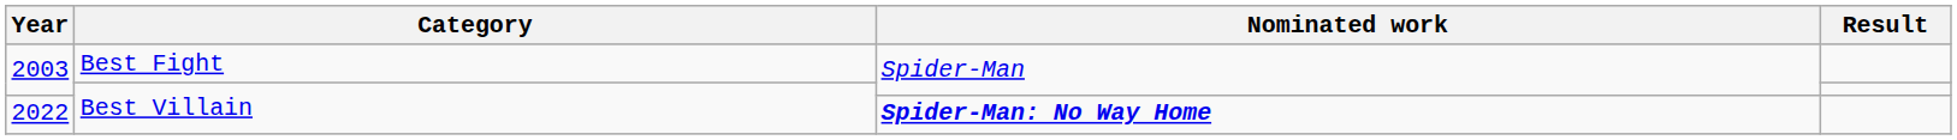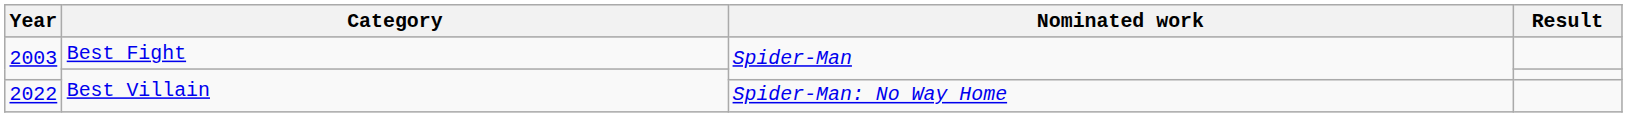 <table class=wikitable>
 <tr>
 <th scope="col" style="width:1em;">Year</th>
 <th scope="col" style="width:33em;">Category</th>
 <th scope="col" style="width:39em;">Nominated work</th>
 <th scope="col" style="width:5em;">Result</th>
 </tr>
 <tr>
 <td rowspan="2"><a href='#'>2003</a></td>
 <td><a href='#'>Best Fight</a></td>
 <td rowspan="2"><em><a href='#'>Spider-Man</a></em></td>
 <td></td>
 </tr>
 <tr>
 <td rowspan="2"><a href='#'>Best Villain</a></td>
 <td></td>
 </tr>
 <tr>
 <td><a href='#'>2022</a></td>
-<td><strong><em><a href='#'>Spider-Man: No Way Home</a></em></strong></td>
+<td><em><a href='#'>Spider-Man: No Way Home</a></em></td>
 <td></td>
 </tr>
 </table>
